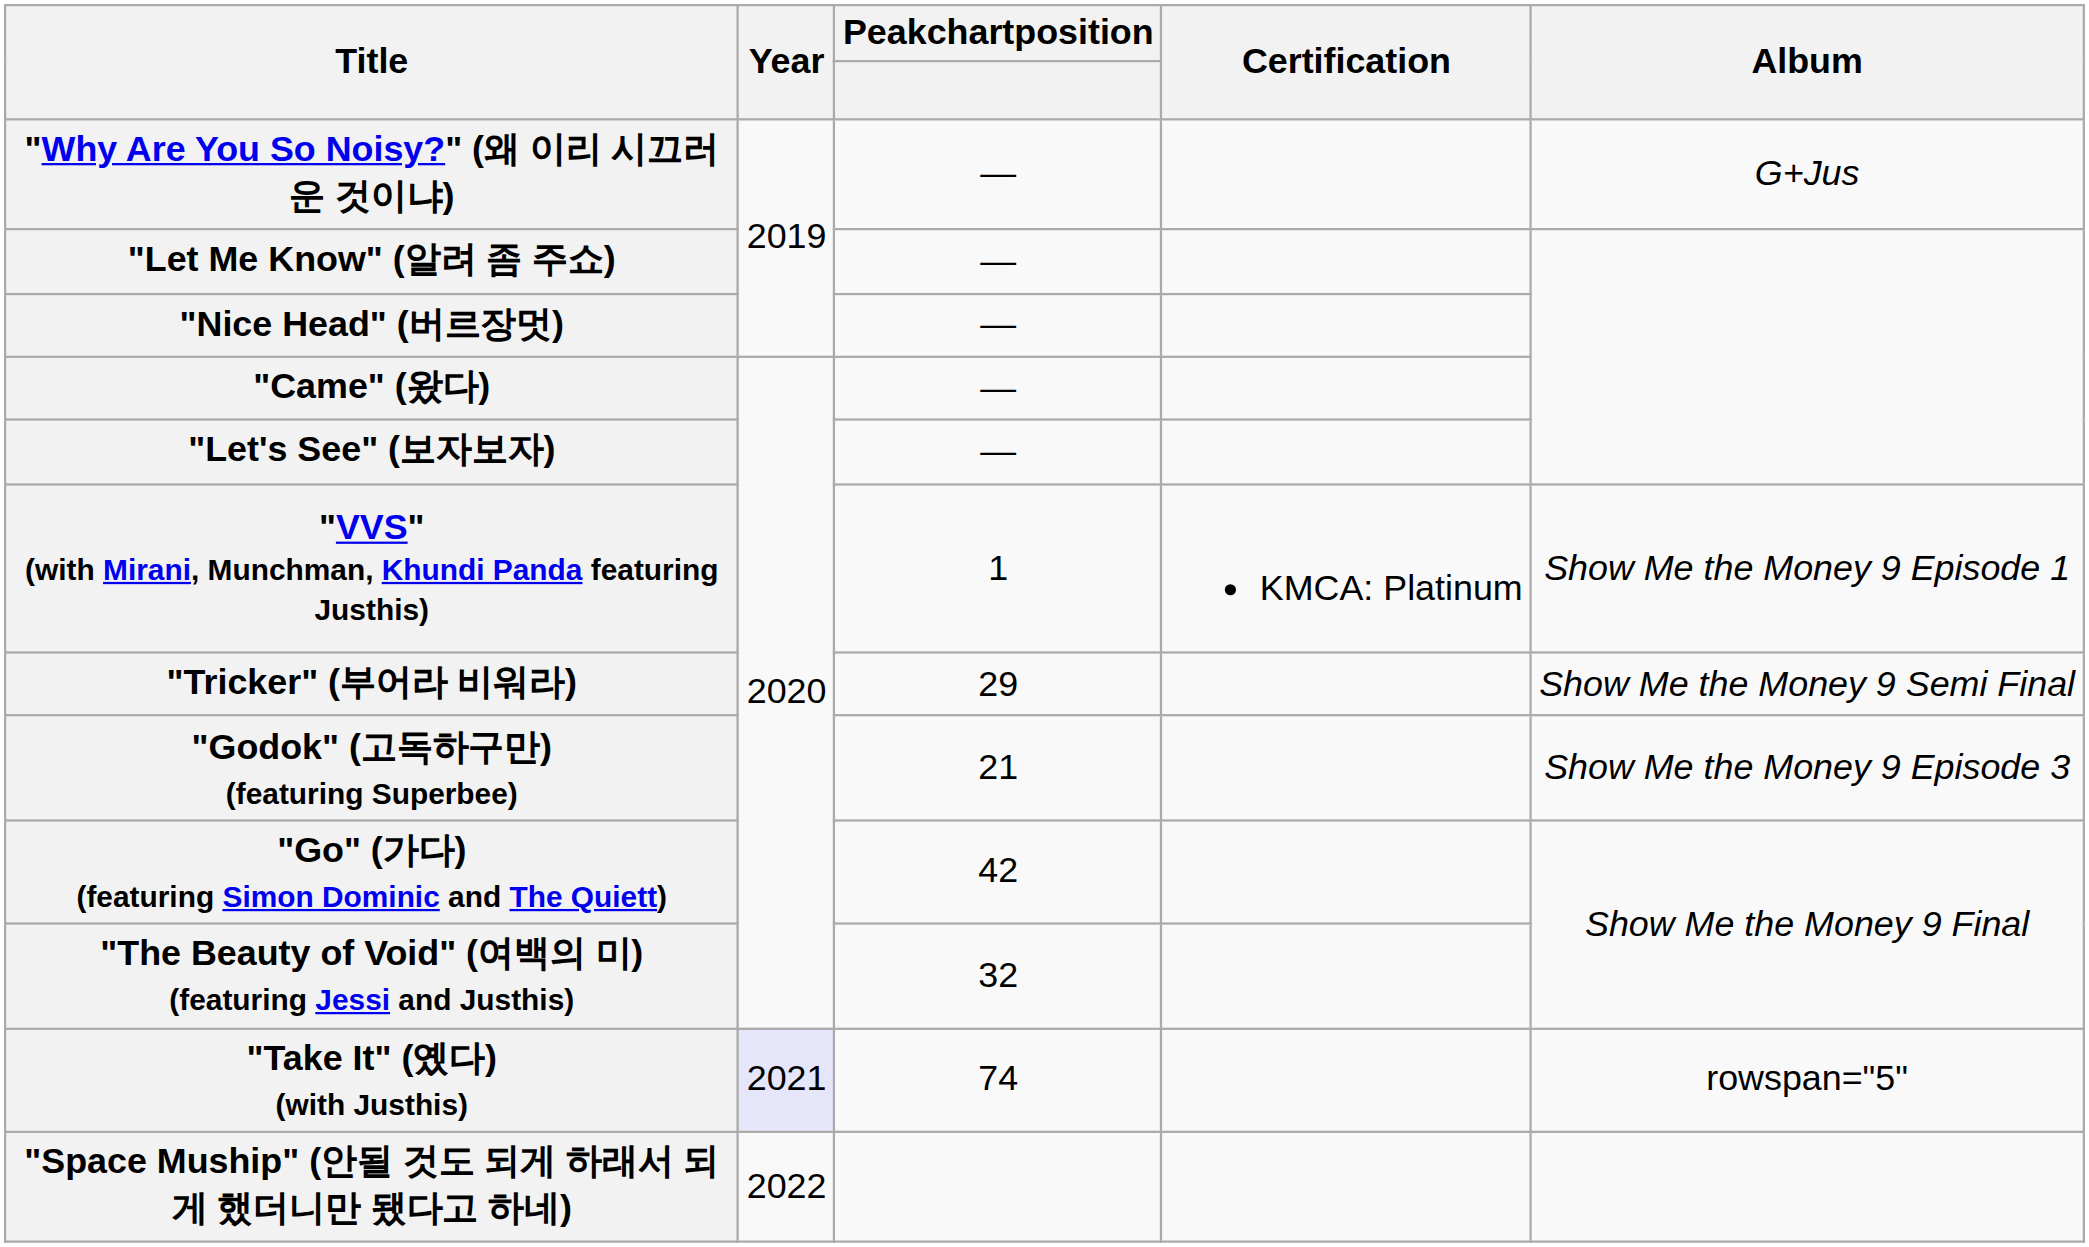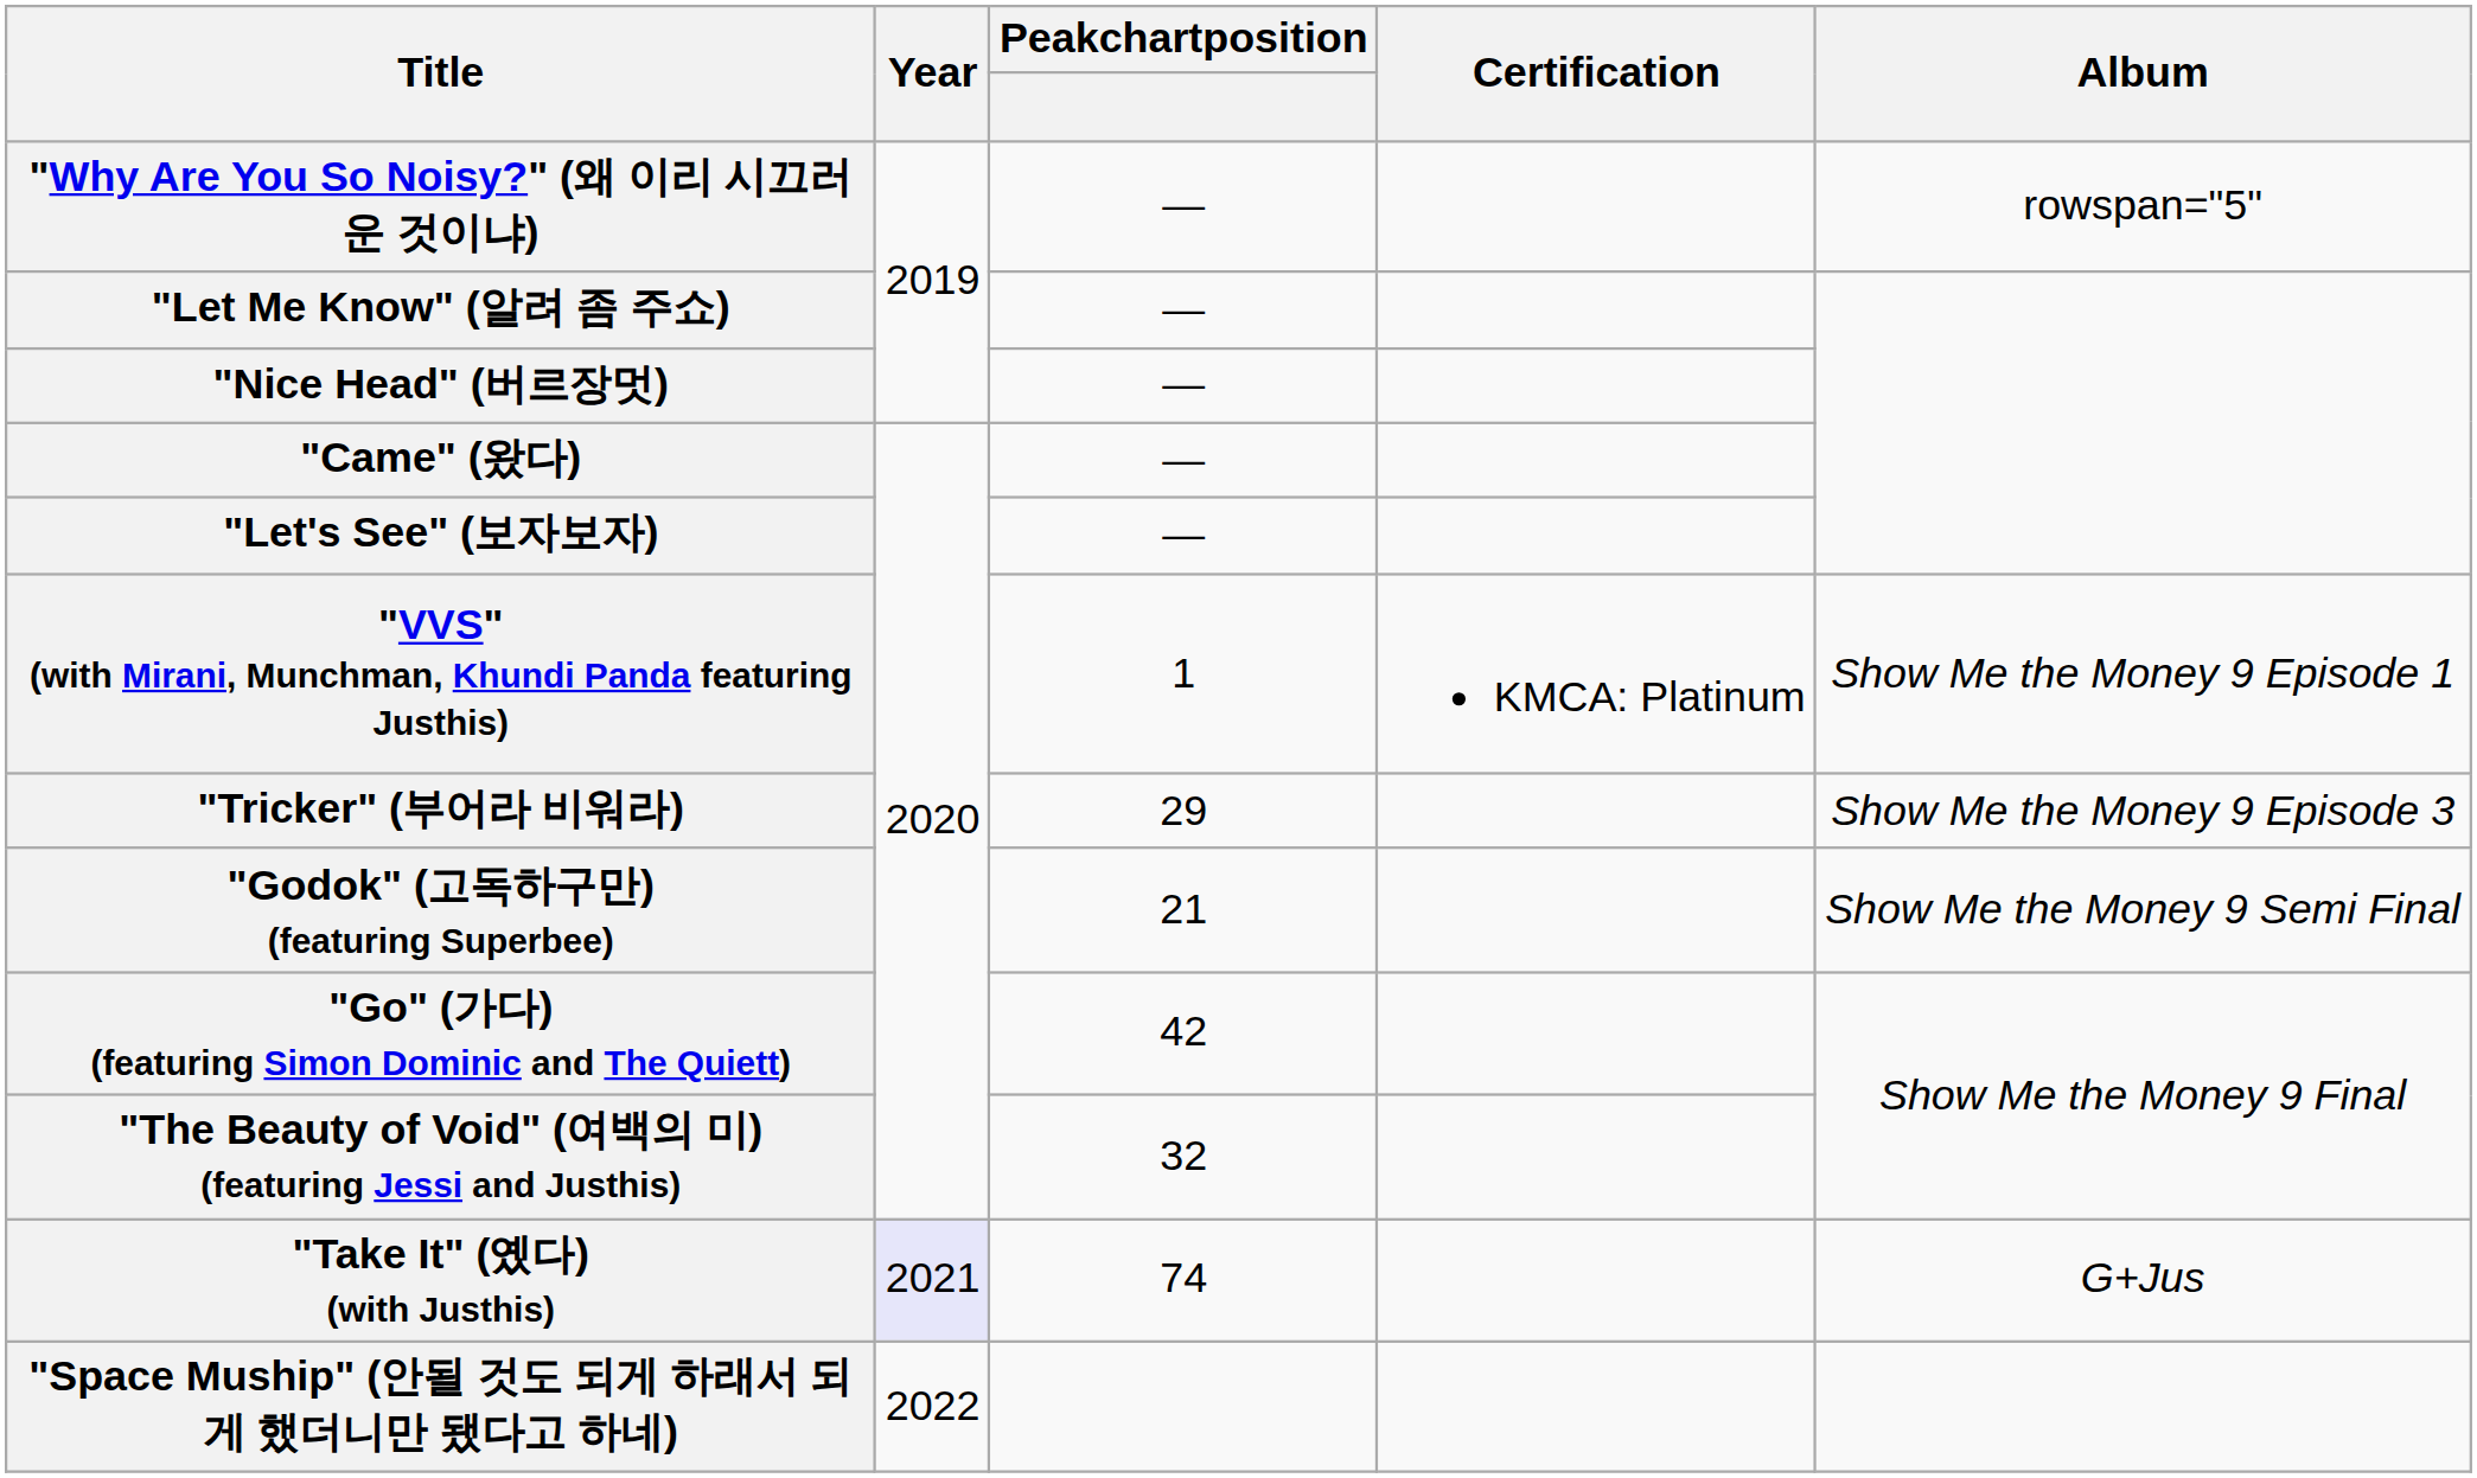 <table class="wikitable plainrowheaders" style="text-align:center;">
 <tr>
 <th rowspan="2" scope="col" style="width:20em">Title</th>
 <th rowspan="2" scope="col">Year</th>
 <th colspan="1" scope="col">Peakchartposition</th>
 <th rowspan="2" scope="col">Certification</th>
 <th rowspan="2" scope="col">Album</th>
 </tr>
 <tr>
 <th><br></th>
 </tr>
 <tr>
 <th scope="row">"<a href='#'>Why Are You So Noisy?</a>" (왜 이리 시끄러운 것이냐)</th>
 <td rowspan="3">2019</td>
 <td>—</td>
 <td></td>
-<td><em>G+Jus</em></td>
+<td>rowspan="5" </td>
 </tr>
 <tr>
 <th scope="row">"Let Me Know" (알려 좀 주쇼)</th>
 <td>—</td>
 <td></td>
 </tr>
 <tr>
 <th scope="row">"Nice Head" (버르장멋)</th>
 <td>—</td>
 <td></td>
 </tr>
 <tr>
 <th scope="row">"Came" (왔다)</th>
 <td rowspan="7">2020</td>
 <td>—</td>
 <td></td>
 </tr>
 <tr>
 <th scope="row">"Let's See" (보자보자)</th>
 <td>—</td>
 <td></td>
 </tr>
 <tr>
 <th scope="row">"<a href='#'>VVS</a>"<br><small>(with <a href='#'>Mirani</a>, Munchman, <a href='#'>Khundi Panda</a> featuring Justhis)</small></th>
 <td>1</td>
 <td><br><ul><li>KMCA: Platinum</li></ul></td>
 <td><em>Show Me the Money 9 Episode 1</em></td>
 </tr>
 <tr>
 <th scope="row">"Tricker" (부어라 비워라)</th>
 <td>29</td>
 <td></td>
-<td><em>Show Me the Money 9 Semi Final</em></td>
+<td><em>Show Me the Money 9 Episode 3</em></td>
 </tr>
 <tr>
 <th scope="row">"Godok" (고독하구만)<br><small>(featuring Superbee)</small></th>
 <td>21</td>
 <td></td>
-<td><em>Show Me the Money 9 Episode 3</em></td>
+<td><em>Show Me the Money 9 Semi Final</em></td>
 </tr>
 <tr>
 <th scope="row">"Go" (가다)<br><small>(featuring <a href='#'>Simon Dominic</a> and <a href='#'>The Quiett</a>)</small></th>
 <td>42</td>
 <td></td>
 <td rowspan="2"><em>Show Me the Money 9 Final</em></td>
 </tr>
 <tr>
 <th scope="row">"The Beauty of Void" (여백의 미)<br><small>(featuring <a href='#'>Jessi</a> and Justhis)</small></th>
 <td>32</td>
 <td></td>
 </tr>
 <tr>
 <th scope="row">"Take It" (옜다)<br><small>(with Justhis)</small></th>
 <td style="background: lavender;">2021</td>
 <td>74</td>
 <td></td>
-<td>rowspan="5" </td>
+<td><em>G+Jus</em></td>
 </tr>
 <tr>
 <th scope="row">"Space Muship" (안될 것도 되게 하래서 되게 했더니만 됐다고 하네)</th>
 <td>2022</td>
 <td></td>
 <td></td>
 <td></td>
 </tr>
 </table>
